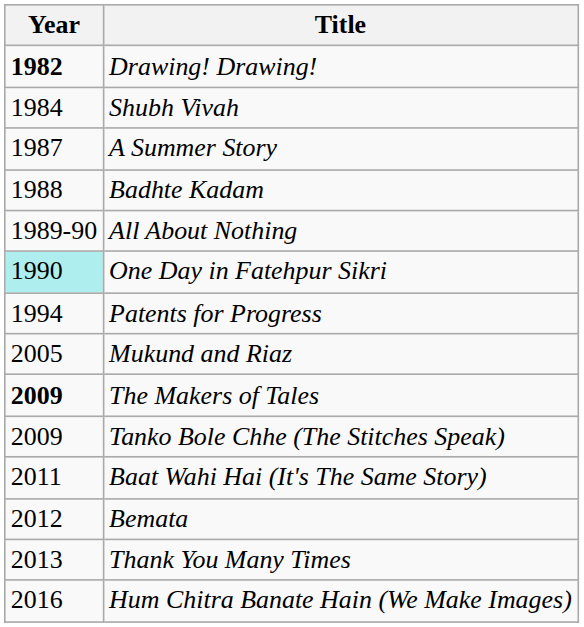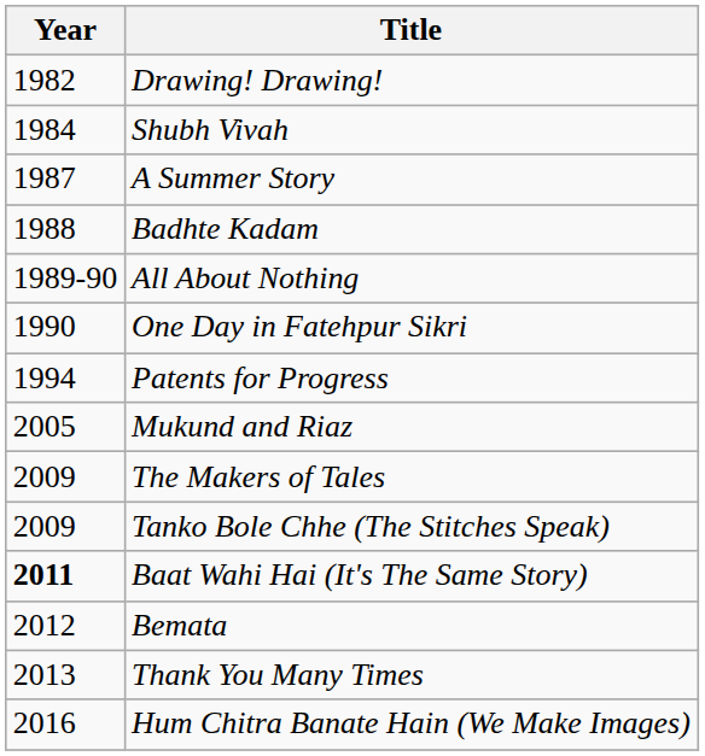 <table class="wikitable">
 <tr>
 <th>Year</th>
 <th>Title</th>
 </tr>
 <tr>
-<td><strong>1982</strong></td>
+<td>1982</td>
 <td><em>Drawing! Drawing!</em></td>
 </tr>
 <tr>
 <td>1984</td>
 <td><em>Shubh Vivah</em></td>
 </tr>
 <tr>
 <td>1987</td>
 <td><em>A Summer Story</em></td>
 </tr>
 <tr>
 <td>1988</td>
 <td><em>Badhte Kadam</em></td>
 </tr>
 <tr>
 <td>1989-90</td>
 <td><em>All About Nothing</em></td>
 </tr>
 <tr>
-<td style="background: paleturquoise;">1990</td>
+<td>1990</td>
 <td><em>One Day in Fatehpur Sikri</em></td>
 </tr>
 <tr>
 <td>1994</td>
 <td><em>Patents for Progress</em></td>
 </tr>
 <tr>
 <td>2005</td>
 <td><em>Mukund and Riaz</em></td>
 </tr>
 <tr>
-<td><strong>2009</strong></td>
+<td>2009</td>
 <td><em>The Makers of Tales</em></td>
 </tr>
 <tr>
 <td>2009</td>
 <td><em>Tanko Bole Chhe (The Stitches Speak)</em></td>
 </tr>
 <tr>
-<td>2011</td>
+<td><strong>2011</strong></td>
 <td><em>Baat Wahi Hai (It's The Same Story)</em></td>
 </tr>
 <tr>
 <td>2012</td>
 <td><em>Bemata</em></td>
 </tr>
 <tr>
 <td>2013</td>
 <td><em>Thank You Many Times</em></td>
 </tr>
 <tr>
 <td>2016</td>
 <td><em>Hum Chitra Banate Hain (We Make Images)</em></td>
 </tr>
 </table>
